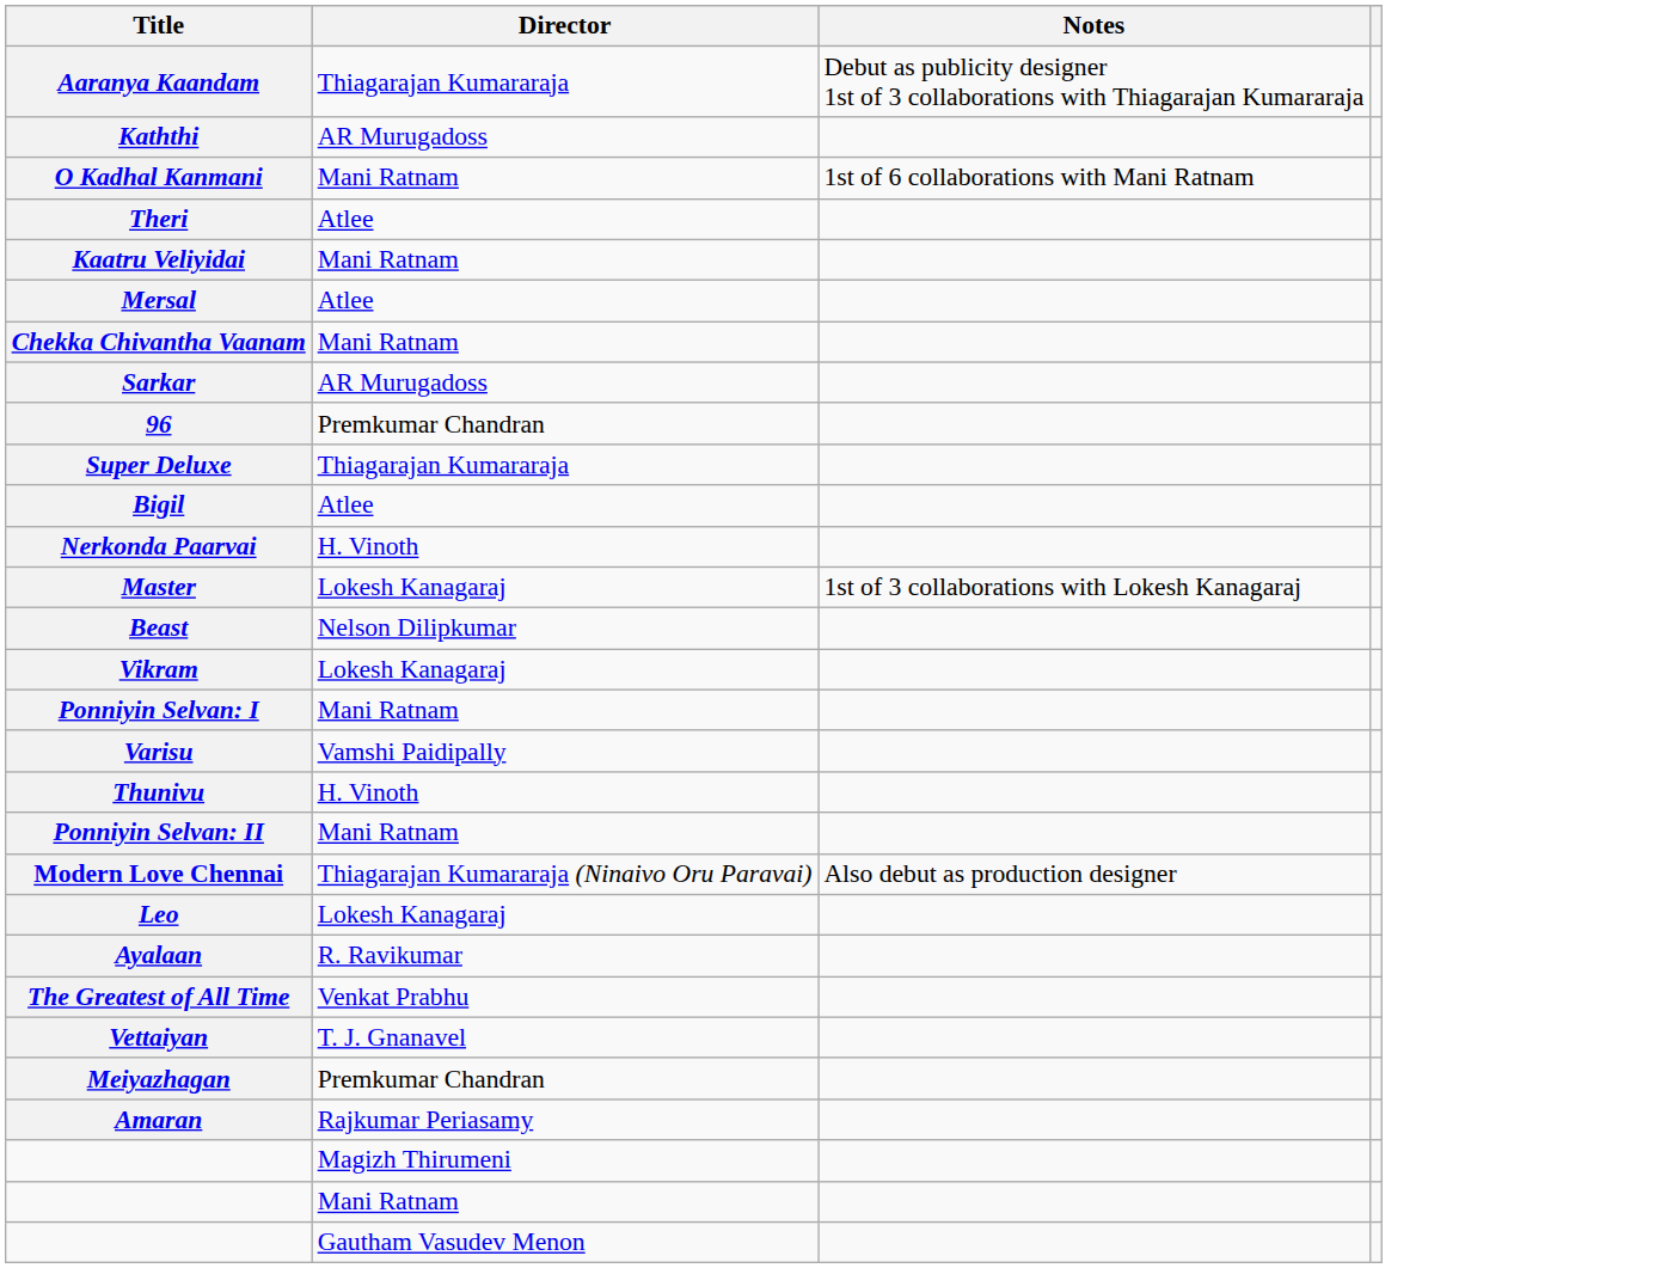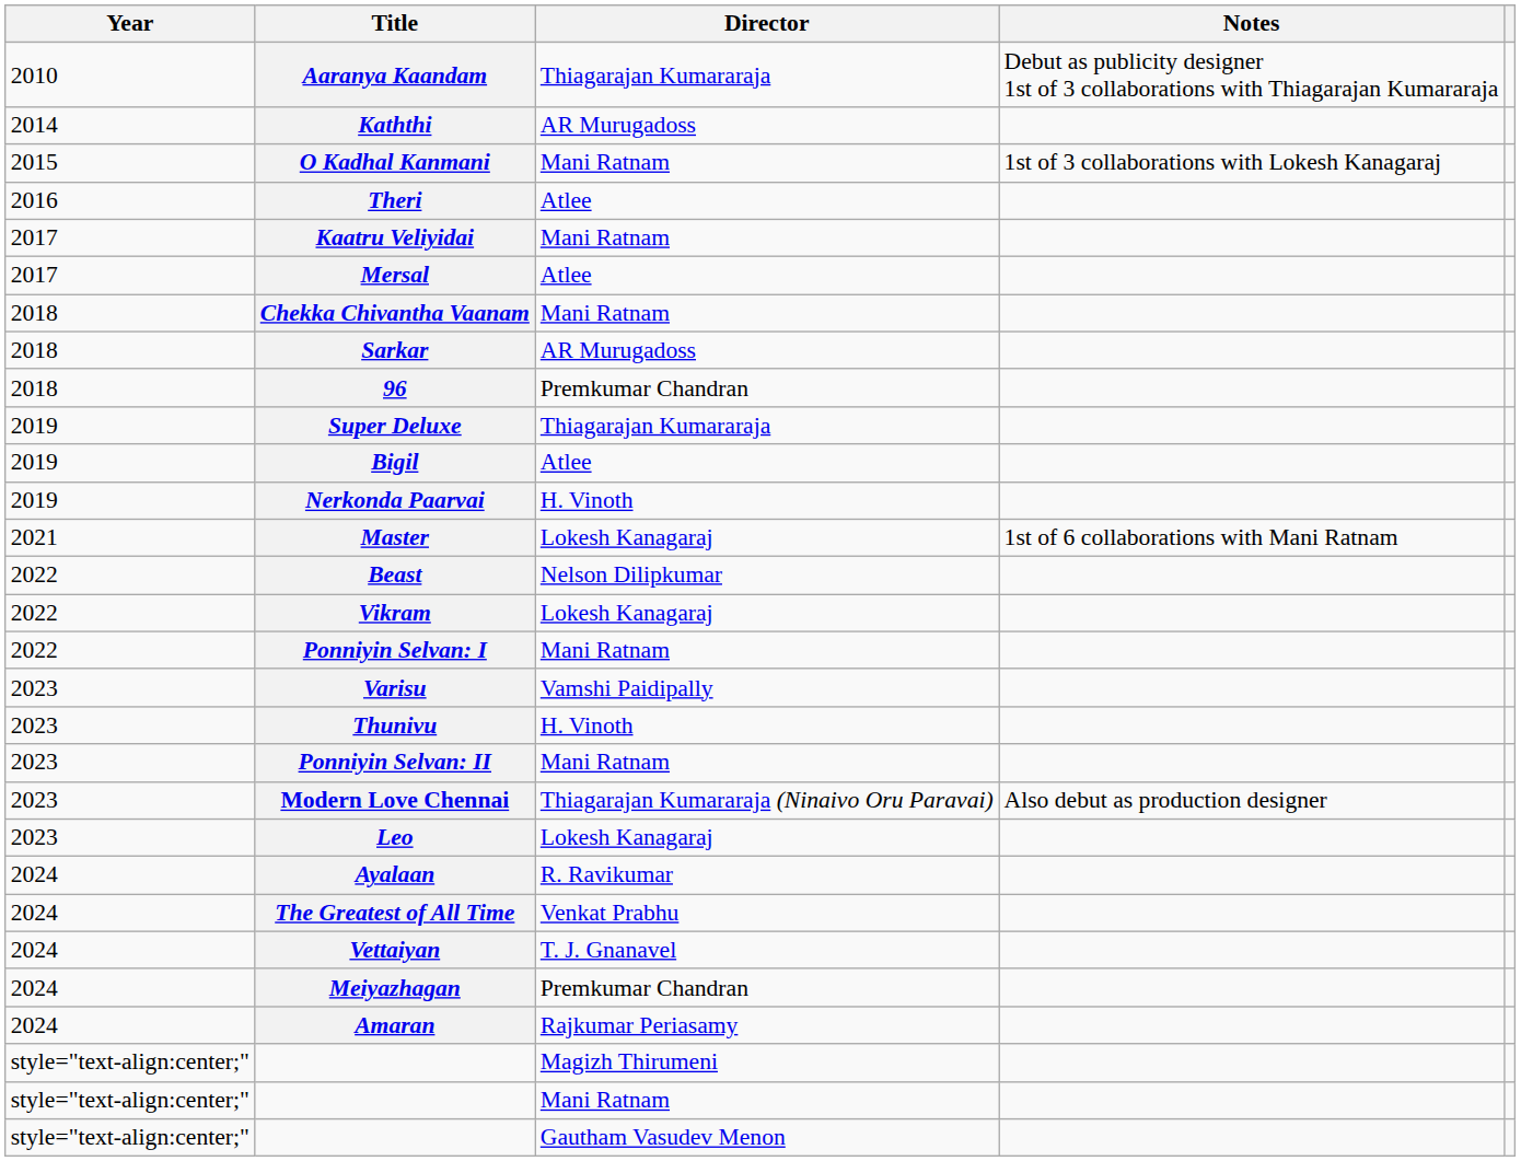 <table class="wikitable sortable plainrowheaders">
 <tr style="background:#ccc; text-align:center;">
+<th scope="col">Year</th>
 <th scope="col">Title</th>
 <th scope="col">Director</th>
 <th scope="col" class="unsortable">Notes</th>
 <th scope="col" class="unsortable"></th>
 </tr>
 <tr>
+<td>2010</td>
 <th scope="row"><em><a href='#'>Aaranya Kaandam</a></em></th>
 <td><a href='#'>Thiagarajan Kumararaja</a></td>
 <td>Debut as publicity designer<br>1st of 3 collaborations with Thiagarajan Kumararaja</td>
 <td style="text-align:center;"></td>
 </tr>
 <tr>
+<td>2014</td>
 <th scope="row"><em><a href='#'>Kaththi</a></em></th>
 <td><a href='#'>AR Murugadoss</a></td>
 <td></td>
 <td style="text-align:center;"></td>
 </tr>
 <tr>
+<td>2015</td>
 <th scope="row"><em><a href='#'>O Kadhal Kanmani</a></em></th>
 <td><a href='#'>Mani Ratnam</a></td>
-<td>1st of 6 collaborations with Mani Ratnam</td>
+<td>1st of 3 collaborations with Lokesh Kanagaraj</td>
 <td style="text-align:center;"></td>
 </tr>
 <tr>
+<td>2016</td>
 <th scope="row"><a href='#'><em>Theri</em></a></th>
 <td><a href='#'>Atlee</a></td>
 <td></td>
 <td style="text-align:center;"></td>
 </tr>
 <tr>
+<td>2017</td>
 <th scope="row"><em><a href='#'>Kaatru Veliyidai</a></em></th>
 <td><a href='#'>Mani Ratnam</a></td>
 <td></td>
 <td></td>
 </tr>
 <tr>
+<td>2017</td>
 <th scope="row"><em><a href='#'>Mersal</a></em></th>
 <td><a href='#'>Atlee</a></td>
 <td></td>
 <td></td>
 </tr>
 <tr>
+<td>2018</td>
 <th scope="row"><em><a href='#'>Chekka Chivantha Vaanam</a></em></th>
 <td><a href='#'>Mani Ratnam</a></td>
 <td></td>
 <td style="text-align:center;"></td>
 </tr>
 <tr>
+<td>2018</td>
 <th scope="row"><em><a href='#'>Sarkar</a></em></th>
 <td><a href='#'>AR Murugadoss</a></td>
 <td></td>
 <td></td>
 </tr>
 <tr>
+<td>2018</td>
 <th scope="row"><em><a href='#'>96</a></em></th>
 <td>Premkumar Chandran</td>
 <td></td>
 <td></td>
 </tr>
 <tr>
+<td>2019</td>
 <th scope="row"><a href='#'><em>Super Deluxe</em></a></th>
 <td><a href='#'>Thiagarajan Kumararaja</a></td>
 <td></td>
 <td style="text-align:center;"></td>
 </tr>
 <tr>
+<td>2019</td>
 <th scope="row"><em><a href='#'>Bigil</a></em></th>
 <td><a href='#'>Atlee</a></td>
 <td></td>
 <td style="text-align:center;"></td>
 </tr>
 <tr>
+<td>2019</td>
 <th scope="row"><em><a href='#'>Nerkonda Paarvai</a></em></th>
 <td><a href='#'>H. Vinoth</a></td>
 <td></td>
 <td style="text-align:center;"></td>
 </tr>
 <tr>
+<td>2021</td>
 <th scope="row"><a href='#'><em>Master</em></a></th>
 <td><a href='#'>Lokesh Kanagaraj</a></td>
-<td>1st of 3 collaborations with Lokesh Kanagaraj</td>
+<td>1st of 6 collaborations with Mani Ratnam</td>
 <td style="text-align:center;"></td>
 </tr>
 <tr>
+<td>2022</td>
 <th scope="row"><em><a href='#'>Beast</a></em></th>
 <td><a href='#'>Nelson Dilipkumar</a></td>
 <td></td>
 <td></td>
 </tr>
 <tr>
+<td>2022</td>
 <th scope="row"><em><a href='#'>Vikram</a></em></th>
 <td><a href='#'>Lokesh Kanagaraj</a></td>
 <td></td>
 <td></td>
 </tr>
 <tr>
+<td>2022</td>
 <th scope="row"><em><a href='#'>Ponniyin Selvan: I</a></em></th>
 <td><a href='#'>Mani Ratnam</a></td>
 <td></td>
 <td></td>
 </tr>
 <tr>
+<td>2023</td>
 <th scope="row"><em><a href='#'>Varisu</a></em></th>
 <td><a href='#'>Vamshi Paidipally</a></td>
 <td></td>
 <td></td>
 </tr>
 <tr>
+<td>2023</td>
 <th scope="row"><em><a href='#'>Thunivu</a></em></th>
 <td><a href='#'>H. Vinoth</a></td>
 <td></td>
 <td></td>
 </tr>
 <tr>
+<td>2023</td>
 <th scope="row"><em><a href='#'>Ponniyin Selvan: II</a></em></th>
 <td><a href='#'>Mani Ratnam</a></td>
 <td></td>
 <td></td>
 </tr>
 <tr>
+<td>2023</td>
 <th scope="row"><a href='#'>Modern Love Chennai</a></th>
 <td><a href='#'>Thiagarajan Kumararaja</a> <em>(Ninaivo Oru Paravai)</em></td>
 <td>Also debut as production designer</td>
 <td></td>
 </tr>
 <tr>
+<td>2023</td>
 <th scope="row"><em><a href='#'>Leo</a></em></th>
 <td><a href='#'>Lokesh Kanagaraj</a></td>
 <td></td>
 <td></td>
 </tr>
 <tr>
+<td>2024</td>
 <th scope="row"><em><a href='#'>Ayalaan</a></em></th>
 <td><a href='#'>R. Ravikumar</a></td>
 <td></td>
 <td></td>
 </tr>
 <tr>
+<td>2024</td>
 <th scope="row"><em><a href='#'>The Greatest of All Time</a></em></th>
 <td><a href='#'>Venkat Prabhu</a></td>
 <td></td>
 <td></td>
 </tr>
 <tr>
+<td>2024</td>
 <th scope="row"><em><a href='#'>Vettaiyan</a></em></th>
 <td><a href='#'>T. J. Gnanavel</a></td>
 <td></td>
 <td></td>
 </tr>
 <tr>
+<td>2024</td>
 <th scope="row"><em><a href='#'>Meiyazhagan</a></em></th>
 <td>Premkumar Chandran</td>
 <td></td>
 <td></td>
 </tr>
 <tr>
+<td>2024</td>
 <th scope="row"><em><a href='#'>Amaran</a></em></th>
 <td><a href='#'>Rajkumar Periasamy</a></td>
 <td></td>
 <td></td>
 </tr>
 <tr>
+<td>style="text-align:center;" </td>
 <td></td>
 <td><a href='#'>Magizh Thirumeni</a></td>
 <td></td>
 <td></td>
 </tr>
 <tr>
+<td>style="text-align:center;" </td>
 <td></td>
 <td><a href='#'>Mani Ratnam</a></td>
 <td></td>
 <td></td>
 </tr>
 <tr>
+<td>style="text-align:center;" </td>
 <td></td>
 <td><a href='#'>Gautham Vasudev Menon</a></td>
 <td></td>
 <td></td>
 </tr>
 </table>
